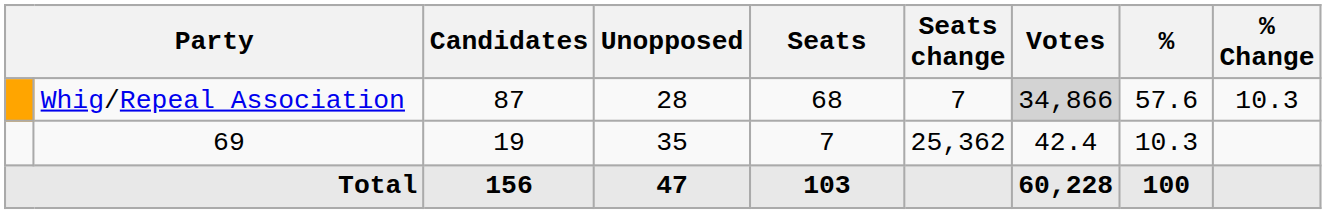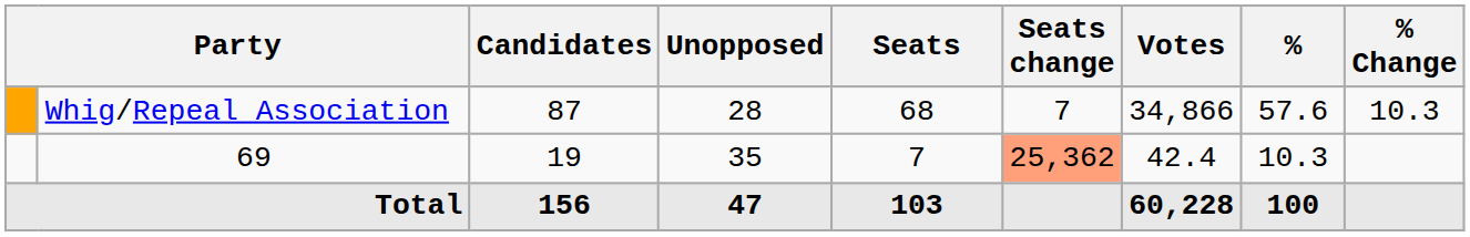 <table class="wikitable sortable">
 <tr>
 <th style="width:200px" colspan=2>Party</th>
 <th style="width:70px;">Candidates</th>
 <th style="width:70px;">Unopposed</th>
 <th style="width:70px;">Seats</th>
 <th style="width:40px;">Seats change</th>
 <th style="width:40px;">Votes</th>
 <th style="width:40px;">%</th>
 <th style="width:40px;">% Change</th>
 </tr>
 <tr>
 <td style="background-color:#FFA500"> </td>
 <td><a href='#'>Whig</a>/<a href='#'>Repeal Association</a></td>
 <td align=center>87</td>
 <td align=center>28</td>
 <td align=center>68</td>
 <td align=center>7</td>
-<td align=center style="background: lightgrey;">34,866</td>
+<td align=center>34,866</td>
 <td align=center>57.6</td>
 <td align=center>10.3</td>
 </tr>
 <tr>
 <td></td>
 <td align="center">69</td>
 <td align="center">19</td>
 <td align="center">35</td>
 <td align="center">7</td>
-<td align="center">25,362</td>
+<td align="center" style="background: lightsalmon;">25,362</td>
 <td align="center">42.4</td>
 <td align="center">10.3</td>
 </tr>
 <tr class="sortbottom" style="font-weight:bold; background:rgb(232,232,232);">
 <td colspan=2 style=text-align:right>Total</td>
 <td align=center>156</td>
 <td align=center>47</td>
 <td align=center>103</td>
 <td></td>
 <td align=center>60,228</td>
 <td align=center>100</td>
 <td align=center></td>
 </tr>
 </table>
